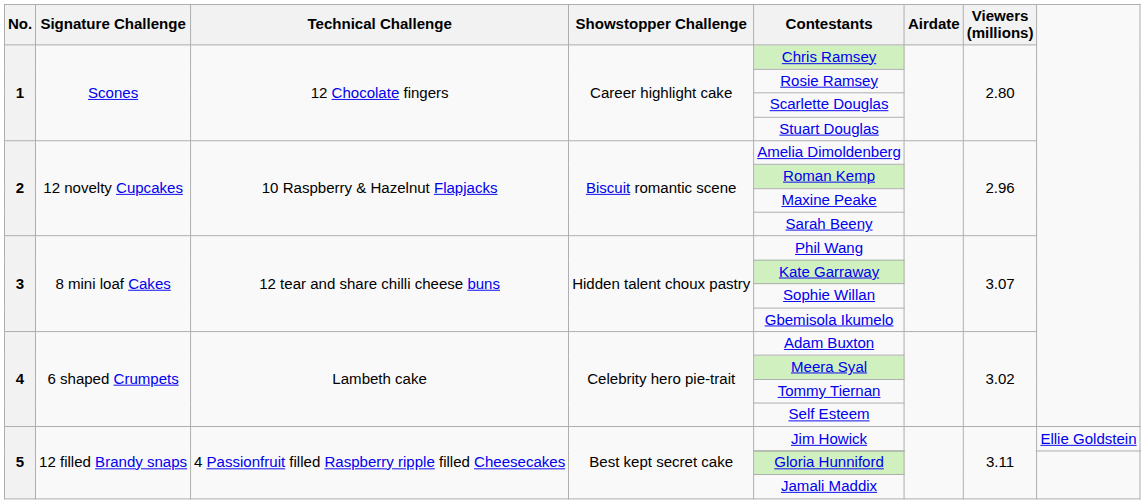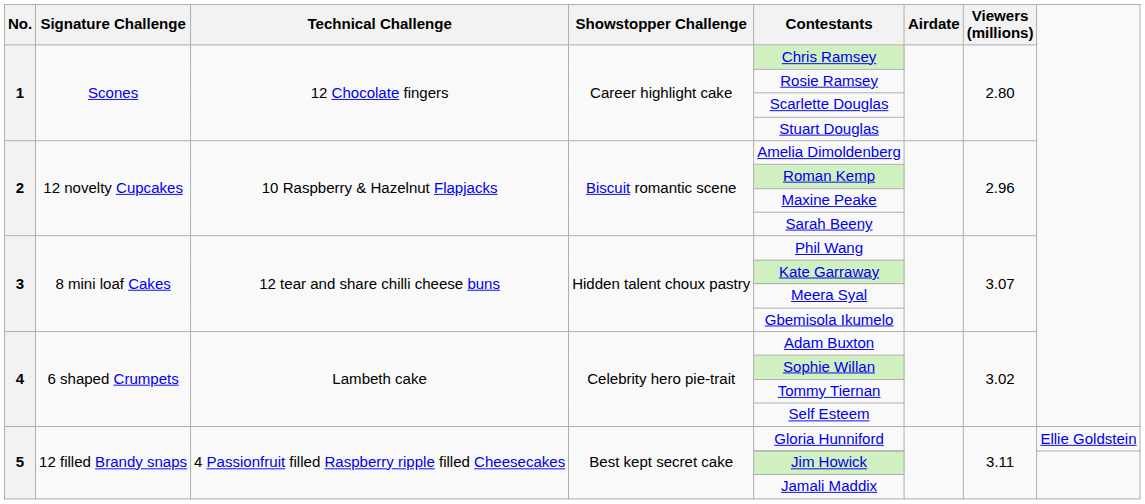 <table class="wikitable" style="text-align:center;">
 <tr>
 <th scope="col">No.</th>
 <th scope="col">Signature Challenge</th>
 <th scope="col">Technical Challenge</th>
 <th scope="col">Showstopper Challenge</th>
 <th scope="col">Contestants</th>
 <th scope="col">Airdate</th>
 <th scope="col">Viewers<br>(millions)</th>
 </tr>
 <tr>
 <th scope="rowgroup" rowspan=4>1</th>
 <td rowspan=4><a href='#'>Scones</a></td>
 <td rowspan=4>12 <a href='#'>Chocolate</a> fingers</td>
 <td rowspan=4>Career highlight cake</td>
 <td style="background:#d0f0c0"><a href='#'>Chris Ramsey</a></td>
 <td rowspan=4></td>
 <td rowspan=4>2.80</td>
 </tr>
 <tr>
 <td><a href='#'>Rosie Ramsey</a></td>
 </tr>
 <tr>
 <td><a href='#'>Scarlette Douglas</a></td>
 </tr>
 <tr>
 <td><a href='#'>Stuart Douglas</a></td>
 </tr>
 <tr>
 <th scope="rowgroup" rowspan=4>2</th>
 <td rowspan=4>12 novelty <a href='#'>Cupcakes</a></td>
 <td rowspan=4>10 Raspberry & Hazelnut <a href='#'>Flapjacks</a></td>
 <td rowspan=4><a href='#'>Biscuit</a> romantic scene</td>
 <td><a href='#'>Amelia Dimoldenberg</a></td>
 <td rowspan=4></td>
 <td rowspan=4>2.96</td>
 </tr>
 <tr style="background:#d0f0c0" |>
 <td><a href='#'>Roman Kemp</a></td>
 </tr>
 <tr>
 <td><a href='#'>Maxine Peake</a></td>
 </tr>
 <tr>
 <td><a href='#'>Sarah Beeny</a></td>
 </tr>
 <tr>
 <th scope="rowgroup" rowspan=4>3</th>
 <td rowspan=4>8 mini loaf <a href='#'>Cakes</a></td>
 <td rowspan=4>12 tear and share chilli cheese <a href='#'>buns</a></td>
 <td rowspan=4>Hidden talent choux pastry</td>
 <td><a href='#'>Phil Wang</a></td>
 <td rowspan=4></td>
 <td rowspan=4>3.07</td>
 </tr>
 <tr style="background:#d0f0c0" |>
 <td><a href='#'>Kate Garraway</a></td>
 </tr>
 <tr>
-<td><a href='#'>Sophie Willan</a></td>
+<td><a href='#'>Meera Syal</a></td>
 </tr>
 <tr>
 <td><a href='#'>Gbemisola Ikumelo</a></td>
 </tr>
 <tr>
 <th scope="rowgroup" rowspan=4>4</th>
 <td rowspan=4>6 shaped <a href='#'>Crumpets</a></td>
 <td rowspan=4>Lambeth cake</td>
 <td rowspan=4>Celebrity hero pie-trait</td>
 <td><a href='#'>Adam Buxton</a></td>
 <td rowspan=4></td>
 <td rowspan=4>3.02</td>
 </tr>
 <tr style="background:#d0f0c0" |>
-<td><a href='#'>Meera Syal</a></td>
+<td><a href='#'>Sophie Willan</a></td>
 </tr>
 <tr>
 <td><a href='#'>Tommy Tiernan</a></td>
 </tr>
 <tr>
 <td><a href='#'>Self Esteem</a></td>
 </tr>
 <tr>
 <th scope="rowgroup" rowspan=4>5</th>
 <td rowspan=4>12 filled <a href='#'>Brandy snaps</a></td>
 <td rowspan=4>4 <a href='#'>Passionfruit</a> filled <a href='#'>Raspberry ripple</a> filled <a href='#'>Cheesecakes</a></td>
 <td rowspan=4>Best kept secret cake</td>
-<td><a href='#'>Jim Howick</a></td>
+<td><a href='#'>Gloria Hunniford</a></td>
 <td rowspan=4></td>
 <td rowspan=4>3.11</td>
 <td><a href='#'>Ellie Goldstein</a></td>
 </tr>
 <tr>
 </tr>
 <tr style="background:#d0f0c0" |>
-<td><a href='#'>Gloria Hunniford</a></td>
+<td><a href='#'>Jim Howick</a></td>
 </tr>
 <tr>
 <td><a href='#'>Jamali Maddix</a></td>
 </tr>
 </table>
